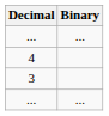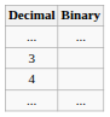 <table class="wikitable" style="text-align:center;">
 <tr>
 <th>Decimal</th>
 <th>Binary</th>
 </tr>
 <tr>
 <td>...</td>
 <td>...</td>
 </tr>
 <tr>
-<td>4</td>
+<td>3</td>
 <td></td>
 </tr>
 <tr>
-<td>3</td>
+<td>4</td>
 <td></td>
 </tr>
 <tr>
 <td>...</td>
 <td>...</td>
 </tr>
 </table>
